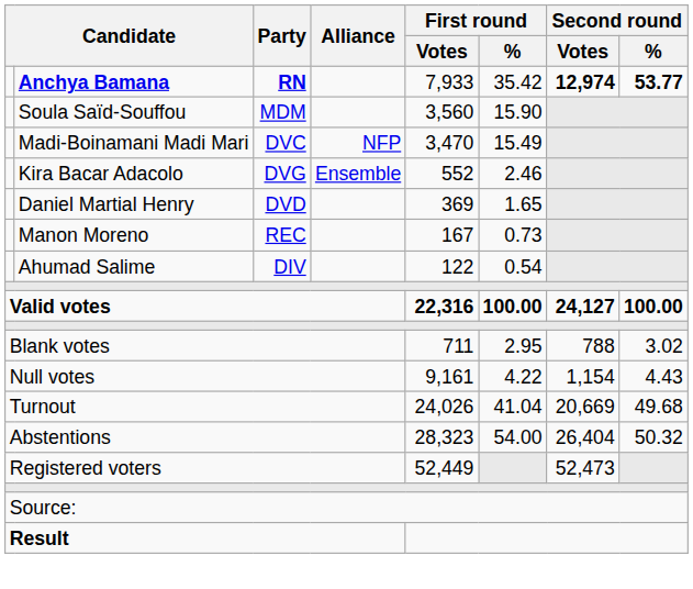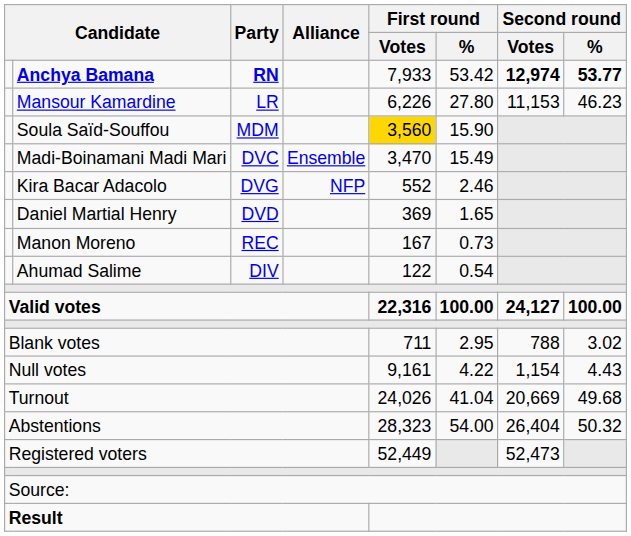 <table class="wikitable" style="text-align:right;font-size:95%;">
 <tr>
 <th colspan="2" rowspan="2">Candidate</th>
 <th colspan="1" rowspan="2">Party</th>
 <th colspan="1" rowspan="2">Alliance</th>
 <th colspan="2">First round</th>
 <th colspan="2">Second round</th>
 </tr>
 <tr>
 <th style="width:50px;">Votes</th>
 <th style="width:45px;">%</th>
 <th style="width:50px;">Votes</th>
 <th style="width:45px;">%</th>
 </tr>
 <tr>
 <td style="color:inherit;background:"></td>
 <td style="text-align:left;"><strong><a href='#'>Anchya Bamana</a></strong></td>
 <td><a href='#'><strong>RN</strong></a></td>
 <td></td>
 <td>7,933</td>
-<td>35.42</td>
+<td>53.42</td>
 <td><strong>12,974</strong></td>
 <td><strong>53.77</strong></td>
+</tr>
+<tr>
+<td style="color:inherit;background:"></td>
+<td style="text-align:left;"><a href='#'>Mansour Kamardine</a></td>
+<td><a href='#'>LR</a></td>
+<td></td>
+<td>6,226</td>
+<td>27.80</td>
+<td>11,153</td>
+<td>46.23</td>
 </tr>
 <tr>
 <td style="color:inherit;background:"></td>
 <td style="text-align:left;">Soula Saïd-Souffou</td>
 <td><a href='#'>MDM</a></td>
 <td></td>
-<td>3,560</td>
+<td style="background: gold;">3,560</td>
 <td>15.90</td>
 <td colspan="2" rowspan="1" style="background:#E9E9E9;"></td>
 </tr>
 <tr>
 <td style="color:inherit;background:"></td>
 <td style="text-align:left;">Madi-Boinamani Madi Mari</td>
 <td><a href='#'>DVC</a></td>
-<td><a href='#'>NFP</a></td>
+<td><a href='#'>Ensemble</a></td>
 <td>3,470</td>
 <td>15.49</td>
 <td colspan="2" rowspan="1" style="background:#E9E9E9;"></td>
 </tr>
 <tr>
 <td style="color:inherit;background:"></td>
 <td style="text-align:left;">Kira Bacar Adacolo</td>
 <td><a href='#'>DVG</a></td>
-<td><a href='#'>Ensemble</a></td>
+<td><a href='#'>NFP</a></td>
 <td>552</td>
 <td>2.46</td>
 <td colspan="2" rowspan="1" style="background:#E9E9E9;"></td>
 </tr>
 <tr>
 <td style="color:inherit;background:"></td>
 <td style="text-align:left;">Daniel Martial Henry</td>
 <td><a href='#'>DVD</a></td>
 <td></td>
 <td>369</td>
 <td>1.65</td>
 <td colspan="2" rowspan="1" style="background:#E9E9E9;"></td>
 </tr>
 <tr>
 <td style="color:inherit;background:"></td>
 <td style="text-align:left;">Manon Moreno</td>
 <td><a href='#'>REC</a></td>
 <td></td>
 <td>167</td>
 <td>0.73</td>
 <td colspan="2" rowspan="1" style="background:#E9E9E9;"></td>
 </tr>
 <tr>
 <td style="color:inherit;background:"></td>
 <td style="text-align:left;">Ahumad Salime</td>
 <td><a href='#'>DIV</a></td>
 <td></td>
 <td>122</td>
 <td>0.54</td>
 <td colspan="2" rowspan="1" style="background:#E9E9E9;"></td>
 </tr>
 <tr>
 <td colspan="8" style="background:#E9E9E9;"></td>
 </tr>
 <tr style="font-weight:bold;">
 <td colspan="4" style="text-align:left;">Valid votes</td>
 <td>22,316</td>
 <td>100.00</td>
 <td>24,127</td>
 <td>100.00</td>
 </tr>
 <tr>
 <td colspan="8" style="background:#E9E9E9;"></td>
 </tr>
 <tr>
 <td colspan="4" style="text-align:left;">Blank votes</td>
 <td>711</td>
 <td>2.95</td>
 <td>788</td>
 <td>3.02</td>
 </tr>
 <tr>
 <td colspan="4" style="text-align:left;">Null votes</td>
 <td>9,161</td>
 <td>4.22</td>
 <td>1,154</td>
 <td>4.43</td>
 </tr>
 <tr>
 <td colspan="4" style="text-align:left;">Turnout</td>
 <td>24,026</td>
 <td>41.04</td>
 <td>20,669</td>
 <td>49.68</td>
 </tr>
 <tr>
 <td colspan="4" style="text-align:left;">Abstentions</td>
 <td>28,323</td>
 <td>54.00</td>
 <td>26,404</td>
 <td>50.32</td>
 </tr>
 <tr>
 <td colspan="4" style="text-align:left;">Registered voters</td>
 <td>52,449</td>
 <td style="background:#E9E9E9;"></td>
 <td>52,473</td>
 <td style="background:#E9E9E9;"></td>
 </tr>
 <tr>
 <td colspan="8" style="background:#E9E9E9;"></td>
 </tr>
 <tr>
 <td colspan="8" style="text-align:left;">Source: </td>
 </tr>
 <tr style="font-weight:bold">
 <td colspan="4" style="text-align:left;">Result</td>
 <td colspan="4" style="background-color:"></td>
 </tr>
 </table>
